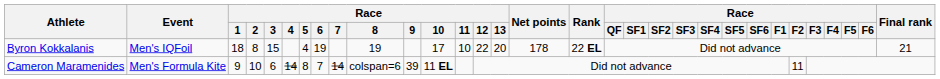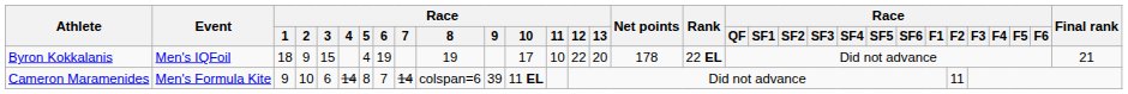 <table class="wikitable" style="font-size:90%">
 <tr>
 <th rowspan=2>Athlete</th>
 <th rowspan=2>Event</th>
 <th colspan=13>Race</th>
 <th rowspan=2>Net points</th>
 <th rowspan=2>Rank</th>
 <th colspan=13>Race</th>
 <th rowspan=2>Final rank</th>
 </tr>
 <tr style="font-size:95%">
 <th>1</th>
 <th>2</th>
 <th>3</th>
 <th>4</th>
 <th>5</th>
 <th>6</th>
 <th>7</th>
 <th>8</th>
 <th>9</th>
 <th>10</th>
 <th>11</th>
 <th>12</th>
 <th>13</th>
 <th>QF</th>
 <th>SF1</th>
 <th>SF2</th>
 <th>SF3</th>
 <th>SF4</th>
 <th>SF5</th>
 <th>SF6</th>
 <th>F1</th>
 <th>F2</th>
 <th>F3</th>
 <th>F4</th>
 <th>F5</th>
 <th>F6</th>
 </tr>
 <tr align=center>
 <td align=left><a href='#'>Byron Kokkalanis</a></td>
 <td align=left><a href='#'>Men's IQFoil</a></td>
 <td>18</td>
-<td>8</td>
+<td>9</td>
 <td>15</td>
 <td><s></s></td>
 <td>4</td>
 <td>19</td>
 <td><s></s></td>
 <td>19</td>
 <td></td>
 <td>17</td>
 <td>10</td>
 <td>22</td>
 <td>20</td>
 <td>178</td>
 <td>22 <strong>EL</strong></td>
 <td colspan=13>Did not advance</td>
 <td>21</td>
 </tr>
 <tr align=center>
 <td align=left><a href='#'>Cameron Maramenides</a></td>
 <td align=left><a href='#'>Men's Formula Kite</a></td>
 <td>9</td>
 <td>10</td>
 <td>6</td>
 <td><s>14</s></td>
 <td>8</td>
 <td>7</td>
 <td><s>14</s></td>
 <td>colspan=6 </td>
 <td>39</td>
 <td>11 <strong>EL</strong></td>
 <td></td>
 <td colspan=12>Did not advance</td>
 <td>11</td>
 </tr>
 </table>
